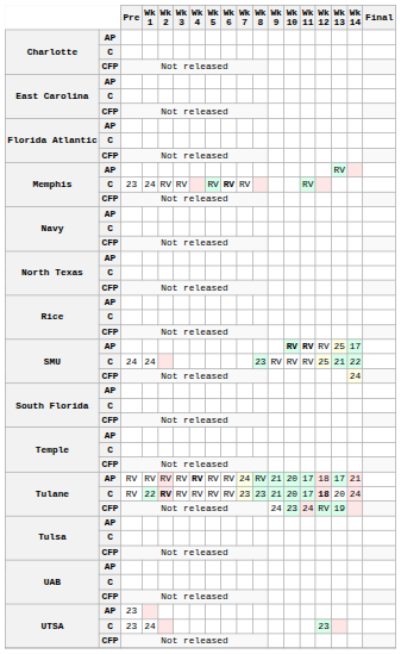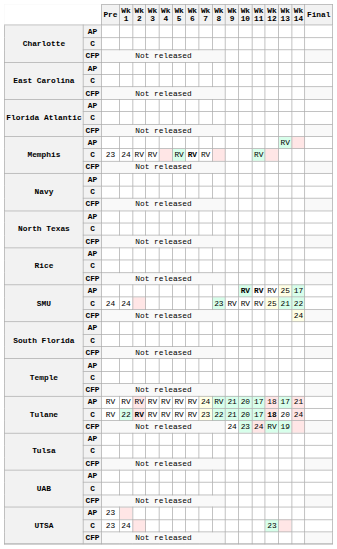 <table class="wikitable" style="white-space:nowrap;font-size:85%;">
 <tr>
 <th colspan=2 style="background:white; border-top-style:hidden; border-left-style:hidden;"> </th>
 <th>Pre</th>
 <th>Wk<br>1</th>
 <th>Wk<br>2</th>
 <th>Wk<br>3</th>
 <th>Wk<br>4</th>
 <th>Wk<br>5</th>
 <th>Wk<br>6</th>
 <th>Wk<br>7</th>
 <th>Wk<br>8</th>
 <th>Wk<br>9</th>
 <th>Wk<br>10</th>
 <th>Wk<br>11</th>
 <th>Wk<br>12</th>
 <th>Wk<br>13</th>
 <th>Wk<br>14</th>
 <th>Final</th>
 </tr>
 <tr style="text-align:center;">
 <th rowspan=3 style=>Charlotte</th>
 <th>AP</th>
 <td style="background:#FFF;"></td>
 <td style="background:#FFF;"></td>
 <td style="background:#FFF;"></td>
 <td style="background:#FFF;"></td>
 <td style="background:#FFF;"></td>
 <td style="background:#FFF;"></td>
 <td style="background:#FFF;"></td>
 <td style="background:#FFF;"></td>
 <td style="background:#FFF;"></td>
 <td style="background:#FFF;"></td>
 <td style="background:#FFF;"></td>
 <td style="background:#FFF;"></td>
 <td style="background:#FFF;"></td>
 <td style="background:#FFF;"></td>
 <td style="background:#FFF;"></td>
 <td style="background:#FFF;"></td>
 </tr>
 <tr style="text-align:center;">
 <th>C</th>
 <td style="background:#FFF;"></td>
 <td style="background:#FFF;"></td>
 <td style="background:#FFF;"></td>
 <td style="background:#FFF;"></td>
 <td style="background:#FFF;"></td>
 <td style="background:#FFF;"></td>
 <td style="background:#FFF;"></td>
 <td style="background:#FFF;"></td>
 <td style="background:#FFF;"></td>
 <td style="background:#FFF;"></td>
 <td style="background:#FFF;"></td>
 <td style="background:#FFF;"></td>
 <td style="background:#FFF;"></td>
 <td style="background:#FFF;"></td>
 <td style="background:#FFF;"></td>
 <td style="background:#FFF;"></td>
 </tr>
 <tr style="text-align:center;">
 <th>CFP</th>
 <td colspan="9" style="text-align:center;">Not released</td>
 <td style="background:#FFF;"></td>
 <td style="background:#FFF;"></td>
 <td style="background:#FFF;"></td>
 <td style="background:#FFF;"></td>
 <td style="background:#FFF;"></td>
 <td style="background:#FFF;"></td>
 <td style="text-align:center;"></td>
 </tr>
 <tr style="text-align:center;">
 <th rowspan="3" style=>East Carolina</th>
 <th>AP</th>
 <td style="background:#FFF;"></td>
 <td style="background:#FFF;"></td>
 <td style="background:#FFF;"></td>
 <td style="background:#FFF;"></td>
 <td style="background:#FFF;"></td>
 <td style="background:#FFF;"></td>
 <td style="background:#FFF;"></td>
 <td style="background:#FFF;"></td>
 <td style="background:#FFF;"></td>
 <td style="background:#FFF;"></td>
 <td style="background:#FFF;"></td>
 <td style="background:#FFF;"></td>
 <td style="background:#FFF;"></td>
 <td style="background:#FFF;"></td>
 <td style="background:#FFF;"></td>
 <td style="background:#FFF;"></td>
 </tr>
 <tr style="text-align:center;">
 <th>C</th>
 <td style="background:#FFF;"></td>
 <td style="background:#FFF;"></td>
 <td style="background:#FFF;"></td>
 <td style="background:#FFF;"></td>
 <td style="background:#FFF;"></td>
 <td style="background:#FFF;"></td>
 <td style="background:#FFF;"></td>
 <td style="background:#FFF;"></td>
 <td style="background:#FFF;"></td>
 <td style="background:#FFF;"></td>
 <td style="background:#FFF;"></td>
 <td style="background:#FFF;"></td>
 <td style="background:#FFF;"></td>
 <td style="background:#FFF;"></td>
 <td style="background:#FFF;"></td>
 <td style="background:#FFF;"></td>
 </tr>
 <tr style="text-align:center;">
 <th>CFP</th>
 <td colspan="9" style="text-align:center;">Not released</td>
 <td style="background:#FFF;"></td>
 <td style="background:#FFF;"></td>
 <td style="background:#FFF;"></td>
 <td style="background:#FFF;"></td>
 <td style="background:#FFF;"></td>
 <td style="background:#FFF;"></td>
 <td style="text-align:center;"></td>
 </tr>
 <tr style="text-align:center;">
 <th rowspan="3" style=>Florida Atlantic</th>
 <th>AP</th>
 <td style="background:#FFF;"></td>
 <td style="background:#FFF;"></td>
 <td style="background:#FFF;"></td>
 <td style="background:#FFF;"></td>
 <td style="background:#FFF;"></td>
 <td style="background:#FFF;"></td>
 <td style="background:#FFF;"></td>
 <td style="background:#FFF;"></td>
 <td style="background:#FFF;"></td>
 <td style="background:#FFF;"></td>
 <td style="background:#FFF;"></td>
 <td style="background:#FFF;"></td>
 <td style="background:#FFF;"></td>
 <td style="background:#FFF;"></td>
 <td style="background:#FFF;"></td>
 <td style="background:#FFF;"></td>
 </tr>
 <tr style="text-align:center;">
 <th>C</th>
 <td style="background:#FFF;"></td>
 <td style="background:#FFF;"></td>
 <td style="background:#FFF;"></td>
 <td style="background:#FFF;"></td>
 <td style="background:#FFF;"></td>
 <td style="background:#FFF;"></td>
 <td style="background:#FFF;"></td>
 <td style="background:#FFF;"></td>
 <td style="background:#FFF;"></td>
 <td style="background:#FFF;"></td>
 <td style="background:#FFF;"></td>
 <td style="background:#FFF;"></td>
 <td style="background:#FFF;"></td>
 <td style="background:#FFF;"></td>
 <td style="background:#FFF;"></td>
 <td style="background:#FFF;"></td>
 </tr>
 <tr style="text-align:center;">
 <th>CFP</th>
 <td colspan="9" style="text-align:center;">Not released</td>
 <td style="background:#FFF;"></td>
 <td style="background:#FFF;"></td>
 <td style="background:#FFF;"></td>
 <td style="background:#FFF;"></td>
 <td style="background:#FFF;"></td>
 <td style="background:#FFF;"></td>
 <td style="text-align:center;"></td>
 </tr>
 <tr style="text-align:center;">
 <th rowspan="3" style=>Memphis</th>
 <th>AP</th>
 <td style="background:#FFF;"></td>
 <td style="background:#FFF;"></td>
 <td style="background:#FFF;"></td>
 <td style="background:#FFF;"></td>
 <td style="background:#FFF;"></td>
 <td style="background:#FFF;"></td>
 <td style="background:#FFF;"></td>
 <td style="background:#FFF;"></td>
 <td style="background:#FFF;"></td>
 <td style="background:#FFF;"></td>
 <td style="background:#FFF;"></td>
 <td style="background:#FFF;"></td>
 <td style="background:#FFF;"></td>
 <td style="background:#D8FFEB;">RV</td>
 <td style="background:#FFE6E6;"></td>
 <td style="background:#FFF;"></td>
 </tr>
 <tr style="text-align:center;">
 <th>C</th>
 <td style="background:#FFF;">23</td>
 <td style="background:#FFF;">24</td>
 <td style="background:#FFF;">RV</td>
 <td style="background:#FFF;">RV</td>
 <td style="background:#FFE6E6;"></td>
 <td style="background:#D8FFEB;">RV</td>
 <td style="background:#FFF;"><strong>RV</strong></td>
 <td style="background:#FFF;">RV</td>
 <td style="background:#FFE6E6;"></td>
 <td style="background:#FFF;"></td>
 <td style="background:#FFF;"></td>
 <td style="background:#d8ffeb;">RV</td>
 <td style="background:#FFE6E6;"></td>
 <td style="background:#FFF;"></td>
 <td style="background:#FFF;"></td>
 <td style="background:#FFF;"></td>
 </tr>
 <tr style="text-align:center;">
 <th>CFP</th>
 <td colspan="9" style="text-align:center;">Not released</td>
 <td style="background:#FFF;"></td>
 <td style="background:#FFF;"></td>
 <td style="background:#FFF;"></td>
 <td style="background:#FFF;"></td>
 <td style="background:#FFF;"></td>
 <td style="background:#FFF;"></td>
 <td style="text-align:center;"></td>
 </tr>
 <tr style="text-align:center;">
 <th rowspan="3" style=>Navy</th>
 <th>AP</th>
 <td style="background:#FFF;"></td>
 <td style="background:#FFF;"></td>
 <td style="background:#FFF;"></td>
 <td style="background:#FFF;"></td>
 <td style="background:#FFF;"></td>
 <td style="background:#FFF;"></td>
 <td style="background:#FFF;"></td>
 <td style="background:#FFF;"></td>
 <td style="background:#FFF;"></td>
 <td style="background:#FFF;"></td>
 <td style="background:#FFF;"></td>
 <td style="background:#FFF;"></td>
 <td style="background:#FFF;"></td>
 <td style="background:#FFF;"></td>
 <td style="background:#FFF;"></td>
 <td style="background:#FFF;"></td>
 </tr>
 <tr style="text-align:center;">
 <th>C</th>
 <td style="background:#FFF;"></td>
 <td style="background:#FFF;"></td>
 <td style="background:#FFF;"></td>
 <td style="background:#FFF;"></td>
 <td style="background:#FFF;"></td>
 <td style="background:#FFF;"></td>
 <td style="background:#FFF;"></td>
 <td style="background:#FFF;"></td>
 <td style="background:#FFF;"></td>
 <td style="background:#FFF;"></td>
 <td style="background:#FFF;"></td>
 <td style="background:#FFF;"></td>
 <td style="background:#FFF;"></td>
 <td style="background:#FFF;"></td>
 <td style="background:#FFF;"></td>
 <td style="background:#FFF;"></td>
 </tr>
 <tr style="text-align:center;">
 <th>CFP</th>
 <td colspan="9" style="text-align:center;">Not released</td>
 <td style="background:#FFF;"></td>
 <td style="background:#FFF;"></td>
 <td style="background:#FFF;"></td>
 <td style="background:#FFF;"></td>
 <td style="background:#FFF;"></td>
 <td style="background:#FFF;"></td>
 <td style="text-align:center;"></td>
 </tr>
 <tr style="text-align:center;">
 <th rowspan="3" style=>North Texas</th>
 <th>AP</th>
 <td style="background:#FFF;"></td>
 <td style="background:#FFF;"></td>
 <td style="background:#FFF;"></td>
 <td style="background:#FFF;"></td>
 <td style="background:#FFF;"></td>
 <td style="background:#FFF;"></td>
 <td style="background:#FFF;"></td>
 <td style="background:#FFF;"></td>
 <td style="background:#FFF;"></td>
 <td style="background:#FFF;"></td>
 <td style="background:#FFF;"></td>
 <td style="background:#FFF;"></td>
 <td style="background:#FFF;"></td>
 <td style="background:#FFF;"></td>
 <td style="background:#FFF;"></td>
 <td style="background:#FFF;"></td>
 </tr>
 <tr style="text-align:center;">
 <th>C</th>
 <td style="background:#FFF;"></td>
 <td style="background:#FFF;"></td>
 <td style="background:#FFF;"></td>
 <td style="background:#FFF;"></td>
 <td style="background:#FFF;"></td>
 <td style="background:#FFF;"></td>
 <td style="background:#FFF;"></td>
 <td style="background:#FFF;"></td>
 <td style="background:#FFF;"></td>
 <td style="background:#FFF;"></td>
 <td style="background:#FFF;"></td>
 <td style="background:#FFF;"></td>
 <td style="background:#FFF;"></td>
 <td style="background:#FFF;"></td>
 <td style="background:#FFF;"></td>
 <td style="background:#FFF;"></td>
 </tr>
 <tr style="text-align:center;">
 <th>CFP</th>
 <td colspan="9" style="text-align:center;">Not released</td>
 <td style="background:#FFF;"></td>
 <td style="background:#FFF;"></td>
 <td style="background:#FFF;"></td>
 <td style="background:#FFF;"></td>
 <td style="background:#FFF;"></td>
 <td style="background:#FFF;"></td>
 <td style="text-align:center;"></td>
 </tr>
 <tr style="text-align:center;">
 <th rowspan="3" style=>Rice</th>
 <th>AP</th>
 <td style="background:#FFF;"></td>
 <td style="background:#FFF;"></td>
 <td style="background:#FFF;"></td>
 <td style="background:#FFF;"></td>
 <td style="background:#FFF;"></td>
 <td style="background:#FFF;"></td>
 <td style="background:#FFF;"></td>
 <td style="background:#FFF;"></td>
 <td style="background:#FFF;"></td>
 <td style="background:#FFF;"></td>
 <td style="background:#FFF;"></td>
 <td style="background:#FFF;"></td>
 <td style="background:#FFF;"></td>
 <td style="background:#FFF;"></td>
 <td style="background:#FFF;"></td>
 <td style="background:#FFF;"></td>
 </tr>
 <tr style="text-align:center;">
 <th>C</th>
 <td style="background:#FFF;"></td>
 <td style="background:#FFF;"></td>
 <td style="background:#FFF;"></td>
 <td style="background:#FFF;"></td>
 <td style="background:#FFF;"></td>
 <td style="background:#FFF;"></td>
 <td style="background:#FFF;"></td>
 <td style="background:#FFF;"></td>
 <td style="background:#FFF;"></td>
 <td style="background:#FFF;"></td>
 <td style="background:#FFF;"></td>
 <td style="background:#FFF;"></td>
 <td style="background:#FFF;"></td>
 <td style="background:#FFF;"></td>
 <td style="background:#FFF;"></td>
 <td style="background:#FFF;"></td>
 </tr>
 <tr style="text-align:center;">
 <th>CFP</th>
 <td colspan="9" style="text-align:center;">Not released</td>
 <td style="background:#FFF;"></td>
 <td style="background:#FFF;"></td>
 <td style="background:#FFF;"></td>
 <td style="background:#FFF;"></td>
 <td style="background:#FFF;"></td>
 <td style="background:#FFF;"></td>
 <td style="text-align:center;"></td>
 </tr>
 <tr style="text-align:center;">
 <th rowspan="3" style=>SMU</th>
 <th>AP</th>
 <td style="background:#FFF;"></td>
 <td style="background:#FFF;"></td>
 <td style="background:#FFF;"></td>
 <td style="background:#FFF;"></td>
 <td style="background:#FFF;"></td>
 <td style="background:#FFF;"></td>
 <td style="background:#FFF;"></td>
 <td style="background:#FFF;"></td>
 <td style="background:#FFF;"></td>
 <td style="background:#FFF;"></td>
 <td style="background:#D8FFEB;"><strong>RV</strong></td>
 <td style="background:#FFF;"><strong>RV</strong></td>
 <td style="background:#FFF;">RV</td>
 <td style="background:#ffffe6;">25</td>
 <td style="background:#D8FFEB;">17</td>
 <td style="background:#FFF;"></td>
 </tr>
 <tr style="text-align:center;">
 <th>C</th>
 <td style="background:#FFF;">24</td>
 <td style="background:#FFF;">24</td>
 <td style="background:#FFE6E6;"></td>
 <td style="background:#FFF;"></td>
 <td style="background:#FFF;"></td>
 <td style="background:#FFF;"></td>
 <td style="background:#FFF;"></td>
 <td style="background:#FFF;"></td>
 <td style="background:#D8FFEB;">23</td>
 <td style="background:#FFF;">RV</td>
 <td style="background:#FFF;">RV</td>
 <td style="background:#FFF;">RV</td>
 <td style="background:#ffffe6;">25</td>
 <td style="background:#D8FFEB;">21</td>
 <td style="background:#D8FFEB;">22</td>
 <td style="background:#FFF;"></td>
 </tr>
 <tr style="text-align:center;">
 <th>CFP</th>
 <td colspan="9" style="text-align:center;">Not released</td>
 <td style="background:#FFF;"></td>
 <td style="background:#FFF;"></td>
 <td style="background:#FFF;"></td>
 <td style="background:#FFF;"></td>
 <td style="background:#FFF;"></td>
 <td style="background:#ffffe6;">24</td>
 <td style="text-align:center;"></td>
 </tr>
 <tr style="text-align:center;">
 <th rowspan="3" style=>South Florida</th>
 <th>AP</th>
 <td style="background:#FFF;"></td>
 <td style="background:#FFF;"></td>
 <td style="background:#FFF;"></td>
 <td style="background:#FFF;"></td>
 <td style="background:#FFF;"></td>
 <td style="background:#FFF;"></td>
 <td style="background:#FFF;"></td>
 <td style="background:#FFF;"></td>
 <td style="background:#FFF;"></td>
 <td style="background:#FFF;"></td>
 <td style="background:#FFF;"></td>
 <td style="background:#FFF;"></td>
 <td style="background:#FFF;"></td>
 <td style="background:#FFF;"></td>
 <td style="background:#FFF;"></td>
 <td style="background:#FFF;"></td>
 </tr>
 <tr style="text-align:center;">
 <th>C</th>
 <td style="background:#FFF;"></td>
 <td style="background:#FFF;"></td>
 <td style="background:#FFF;"></td>
 <td style="background:#FFF;"></td>
 <td style="background:#FFF;"></td>
 <td style="background:#FFF;"></td>
 <td style="background:#FFF;"></td>
 <td style="background:#FFF;"></td>
 <td style="background:#FFF;"></td>
 <td style="background:#FFF;"></td>
 <td style="background:#FFF;"></td>
 <td style="background:#FFF;"></td>
 <td style="background:#FFF;"></td>
 <td style="background:#FFF;"></td>
 <td style="background:#FFF;"></td>
 <td style="background:#FFF;"></td>
 </tr>
 <tr style="text-align:center;">
 <th>CFP</th>
 <td colspan="9" style="text-align:center;">Not released</td>
 <td style="background:#FFF;"></td>
 <td style="background:#FFF;"></td>
 <td style="background:#FFF;"></td>
 <td style="background:#FFF;"></td>
 <td style="background:#FFF;"></td>
 <td style="background:#FFF;"></td>
 <td style="text-align:center;"></td>
 </tr>
 <tr style="text-align:center;">
 <th rowspan="3" style=>Temple</th>
 <th>AP</th>
 <td style="background:#FFF;"></td>
 <td style="background:#FFF;"></td>
 <td style="background:#FFF;"></td>
 <td style="background:#FFF;"></td>
 <td style="background:#FFF;"></td>
 <td style="background:#FFF;"></td>
 <td style="background:#FFF;"></td>
 <td style="background:#FFF;"></td>
 <td style="background:#FFF;"></td>
 <td style="background:#FFF;"></td>
 <td style="background:#FFF;"></td>
 <td style="background:#FFF;"></td>
 <td style="background:#FFF;"></td>
 <td style="background:#FFF;"></td>
 <td style="background:#FFF;"></td>
 <td style="background:#FFF;"></td>
 </tr>
 <tr style="text-align:center;">
 <th>C</th>
 <td style="background:#FFF;"></td>
 <td style="background:#FFF;"></td>
 <td style="background:#FFF;"></td>
 <td style="background:#FFF;"></td>
 <td style="background:#FFF;"></td>
 <td style="background:#FFF;"></td>
 <td style="background:#FFF;"></td>
 <td style="background:#FFF;"></td>
 <td style="background:#FFF;"></td>
 <td style="background:#FFF;"></td>
 <td style="background:#FFF;"></td>
 <td style="background:#FFF;"></td>
 <td style="background:#FFF;"></td>
 <td style="background:#FFF;"></td>
 <td style="background:#FFF;"></td>
 <td style="background:#FFF;"></td>
 </tr>
 <tr style="text-align:center;">
 <th>CFP</th>
 <td colspan="9" style="text-align:center;">Not released</td>
 <td style="background:#FFF;"></td>
 <td style="background:#FFF;"></td>
 <td style="background:#FFF;"></td>
 <td style="background:#FFF;"></td>
 <td style="background:#FFF;"></td>
 <td style="background:#FFF;"></td>
 <td style="text-align:center;"></td>
 </tr>
 <tr style="text-align:center;">
 <th rowspan="3" style=>Tulane</th>
 <th>AP</th>
 <td style="background:#FFF;">RV</td>
 <td style="background:#FFF;">RV</td>
 <td style="background:#FFE6E6;">RV</td>
 <td style="background:#FFF;">RV</td>
-<td style="background:#FFF;"><strong>RV</strong></td>
+<td style="background:#FFF;">RV</td>
 <td style="background:#FFF;">RV</td>
 <td style="background:#FFF;">RV</td>
 <td style="background:#FFFFE6;">24</td>
 <td style="background:#D8FFEB;">RV</td>
 <td style="background:#D8FFEB;">21</td>
 <td style="background:#D8FFEB;">20</td>
 <td style="background:#d8ffeb;">17</td>
 <td style="background:#FFE6E6;">18</td>
 <td style="background:#D8FFEB;">17</td>
 <td style="background:#FFE6E6;">21</td>
 <td style="background:#FFF;"></td>
 </tr>
 <tr style="text-align:center;">
 <th>C</th>
 <td style="background:#FFF;">RV</td>
 <td style="background:#D8FFEB;">22</td>
 <td style="background:#FFE6E6;"><strong>RV</strong></td>
 <td style="background:#FFF;">RV</td>
 <td style="background:#FFF;">RV</td>
 <td style="background:#FFF;">RV</td>
 <td style="background:#FFF;">RV</td>
 <td style="background:#FFFFE6;">23</td>
-<td style="background:#D8FFEB;">23</td>
+<td style="background:#D8FFEB;">22</td>
 <td style="background:#D8FFEB;">21</td>
 <td style="background:#D8FFEB;">20</td>
 <td style="background:#d8ffeb;">17</td>
 <td style="background:#FFE6E6;"><strong>18</strong></td>
 <td style="background:#FFF;">20</td>
 <td style="background:#FFE6E6;">24</td>
 <td style="background:#FFF;"></td>
 </tr>
 <tr style="text-align:center;">
 <th>CFP</th>
 <td colspan="9" style="text-align:center;">Not released</td>
 <td style="background:#FFF;">24</td>
 <td style="background:#D8FFEB;">23</td>
 <td style="background:#FFE6E6;">24</td>
 <td style="background:#D8FFEB;">RV</td>
 <td style="background:#d8ffeb;">19</td>
 <td style="background:#FFE6E6;"></td>
 <td style="text-align:center;"></td>
 </tr>
 <tr style="text-align:center;">
 <th rowspan="3" style=>Tulsa</th>
 <th>AP</th>
 <td style="background:#FFF;"></td>
 <td style="background:#FFF;"></td>
 <td style="background:#FFF;"></td>
 <td style="background:#FFF;"></td>
 <td style="background:#FFF;"></td>
 <td style="background:#FFF;"></td>
 <td style="background:#FFF;"></td>
 <td style="background:#FFF;"></td>
 <td style="background:#FFF;"></td>
 <td style="background:#FFF;"></td>
 <td style="background:#FFF;"></td>
 <td style="background:#FFF;"></td>
 <td style="background:#FFF;"></td>
 <td style="background:#FFF;"></td>
 <td style="background:#FFF;"></td>
 <td style="background:#FFF;"></td>
 </tr>
 <tr style="text-align:center;">
 <th>C</th>
 <td style="background:#FFF;"></td>
 <td style="background:#FFF;"></td>
 <td style="background:#FFF;"></td>
 <td style="background:#FFF;"></td>
 <td style="background:#FFF;"></td>
 <td style="background:#FFF;"></td>
 <td style="background:#FFF;"></td>
 <td style="background:#FFF;"></td>
 <td style="background:#FFF;"></td>
 <td style="background:#FFF;"></td>
 <td style="background:#FFF;"></td>
 <td style="background:#FFF;"></td>
 <td style="background:#FFF;"></td>
 <td style="background:#FFF;"></td>
 <td style="background:#FFF;"></td>
 <td style="background:#FFF;"></td>
 </tr>
 <tr style="text-align:center;">
 <th>CFP</th>
 <td colspan="9" style="text-align:center;">Not released</td>
 <td style="background:#FFF;"></td>
 <td style="background:#FFF;"></td>
 <td style="background:#FFF;"></td>
 <td style="background:#FFF;"></td>
 <td style="background:#FFF;"></td>
 <td style="background:#FFF;"></td>
 <td style="text-align:center;"></td>
 </tr>
 <tr style="text-align:center;">
 <th rowspan="3" style=>UAB</th>
 <th>AP</th>
 <td style="background:#FFF;"></td>
 <td style="background:#FFF;"></td>
 <td style="background:#FFF;"></td>
 <td style="background:#FFF;"></td>
 <td style="background:#FFF;"></td>
 <td style="background:#FFF;"></td>
 <td style="background:#FFF;"></td>
 <td style="background:#FFF;"></td>
 <td style="background:#FFF;"></td>
 <td style="background:#FFF;"></td>
 <td style="background:#FFF;"></td>
 <td style="background:#FFF;"></td>
 <td style="background:#FFF;"></td>
 <td style="background:#FFF;"></td>
 <td style="background:#FFF;"></td>
 <td style="background:#FFF;"></td>
 </tr>
 <tr style="text-align:center;">
 <th>C</th>
 <td style="background:#FFF;"></td>
 <td style="background:#FFF;"></td>
 <td style="background:#FFF;"></td>
 <td style="background:#FFF;"></td>
 <td style="background:#FFF;"></td>
 <td style="background:#FFF;"></td>
 <td style="background:#FFF;"></td>
 <td style="background:#FFF;"></td>
 <td style="background:#FFF;"></td>
 <td style="background:#FFF;"></td>
 <td style="background:#FFF;"></td>
 <td style="background:#FFF;"></td>
 <td style="background:#FFF;"></td>
 <td style="background:#FFF;"></td>
 <td style="background:#FFF;"></td>
 <td style="background:#FFF;"></td>
 </tr>
 <tr style="text-align:center;">
 <th>CFP</th>
 <td colspan="9" style="text-align:center;">Not released</td>
 <td style="background:#FFF;"></td>
 <td style="background:#FFF;"></td>
 <td style="background:#FFF;"></td>
 <td style="background:#FFF;"></td>
 <td style="background:#FFF;"></td>
 <td style="background:#FFF;"></td>
 <td style="text-align:center;"></td>
 </tr>
 <tr style="text-align:center;">
 <th rowspan="3" style=>UTSA</th>
 <th>AP</th>
 <td style="background:#FFF;">23</td>
 <td style="background:#FFE6E6;"></td>
 <td style="background:#FFF;"></td>
 <td style="background:#FFF;"></td>
 <td style="background:#FFF;"></td>
 <td style="background:#FFF;"></td>
 <td style="background:#FFF;"></td>
 <td style="background:#FFF;"></td>
 <td style="background:#FFF;"></td>
 <td style="background:#FFF;"></td>
 <td style="background:#FFF;"></td>
 <td style="background:#FFF;"></td>
 <td style="background:#FFF;"></td>
 <td style="background:#FFF;"></td>
 <td style="background:#FFF;"></td>
 <td style="background:#FFF;"></td>
 </tr>
 <tr style="text-align:center;">
 <th>C</th>
 <td style="background:#FFF;">23</td>
 <td style="background:#FFF;">24</td>
 <td style="background:#FFE6E6;"></td>
 <td style="background:#FFF;"></td>
 <td style="background:#FFF;"></td>
 <td style="background:#FFF;"></td>
 <td style="background:#FFF;"></td>
 <td style="background:#FFF;"></td>
 <td style="background:#FFF;"></td>
 <td style="background:#FFF;"></td>
 <td style="background:#FFF;"></td>
 <td style="background:#FFF;"></td>
 <td style="background:#d8ffeb;">23</td>
 <td style="background:#FFE6E6;"></td>
 <td style="background:#FFF;"></td>
 <td style="background:#FFF;"></td>
 </tr>
 <tr style="text-align:center;">
 <th>CFP</th>
 <td colspan="9" style="text-align:center;">Not released</td>
 <td style="background:#FFF;"></td>
 <td style="background:#FFF;"></td>
 <td style="background:#FFF;"></td>
 <td style="background:#FFF;"></td>
 <td style="background:#FFF;"></td>
 <td style="background:#FFF;"></td>
 <td style="text-align:center;"></td>
 </tr>
 <tr style="text-align:center;">
 </tr>
 </table>
